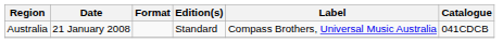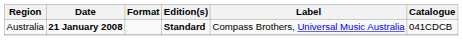 <table class="wikitable plainrowheaders">
 <tr>
 <th scope="col">Region</th>
 <th scope="col">Date</th>
 <th scope="col">Format</th>
 <th scope="col">Edition(s)</th>
 <th scope="col">Label</th>
 <th scope="col">Catalogue</th>
 </tr>
 <tr>
 <td>Australia</td>
-<td>21 January 2008</td>
+<td><strong>21 January 2008</strong></td>
 <td></td>
-<td>Standard</td>
+<td><strong>Standard</strong></td>
 <td>Compass Brothers, <a href='#'>Universal Music Australia</a></td>
 <td>041CDCB</td>
 </tr>
 <tr>
 </tr>
 </table>
